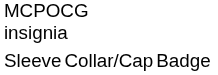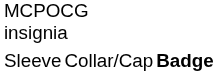 <table width="100px" border="0" cellpadding="0" class="toccolours" style="font-size: 80%;">
 <tr>
 <td colspan="2">MCPOCG insignia</td>
 </tr>
 <tr>
 <td></td>
 <td></td>
 <td></td>
 </tr>
 <tr align="center">
 <td>Sleeve</td>
 <td>Collar/Cap</td>
-<td>Badge</td>
+<td><strong>Badge</strong></td>
 </tr>
 </table>
